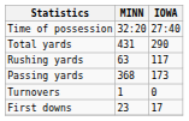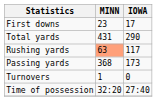 <table class="wikitable">
 <tr>
 <th>Statistics</th>
 <th>MINN</th>
 <th>IOWA</th>
 </tr>
 <tr>
-<td>Time of possession</td>
-<td>32:20</td>
-<td>27:40</td>
+<td>First downs</td>
+<td>23</td>
+<td>17</td>
 </tr>
 <tr>
 <td>Total yards</td>
 <td>431</td>
 <td>290</td>
 </tr>
 <tr>
 <td>Rushing yards</td>
-<td>63</td>
+<td style="background: lightsalmon;">63</td>
 <td>117</td>
 </tr>
 <tr>
 <td>Passing yards</td>
 <td>368</td>
 <td>173</td>
 </tr>
 <tr>
 <td>Turnovers</td>
 <td>1</td>
 <td>0</td>
 </tr>
 <tr>
-<td>First downs</td>
-<td>23</td>
-<td>17</td>
+<td>Time of possession</td>
+<td>32:20</td>
+<td>27:40</td>
 </tr>
 <tr>
 </tr>
 </table>
